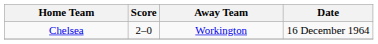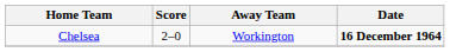 <table class="wikitable" style="text-align:center;">
 <tr>
 <th width=175>Home Team</th>
 <th width=20>Score</th>
 <th width=175>Away Team</th>
 <th width=125>Date</th>
 </tr>
 <tr>
 <td><a href='#'>Chelsea</a></td>
 <td>2–0</td>
 <td><a href='#'>Workington</a></td>
-<td>16 December 1964</td>
+<td><strong>16 December 1964</strong></td>
 </tr>
 <tr>
 </tr>
 </table>
